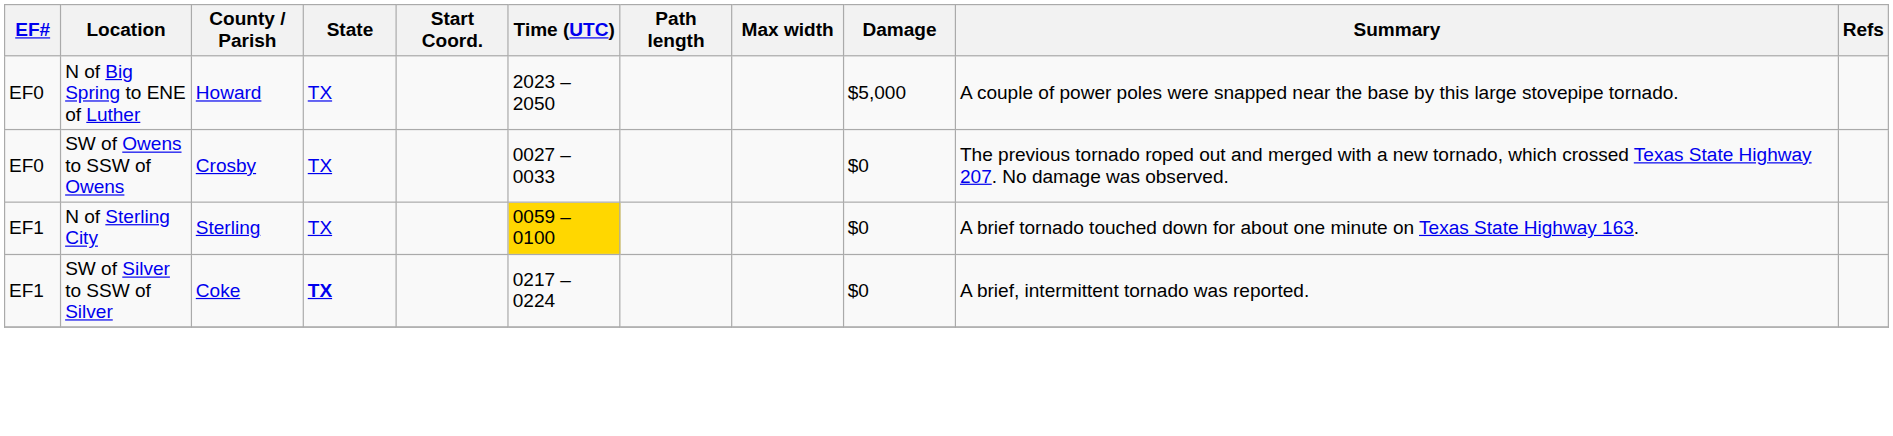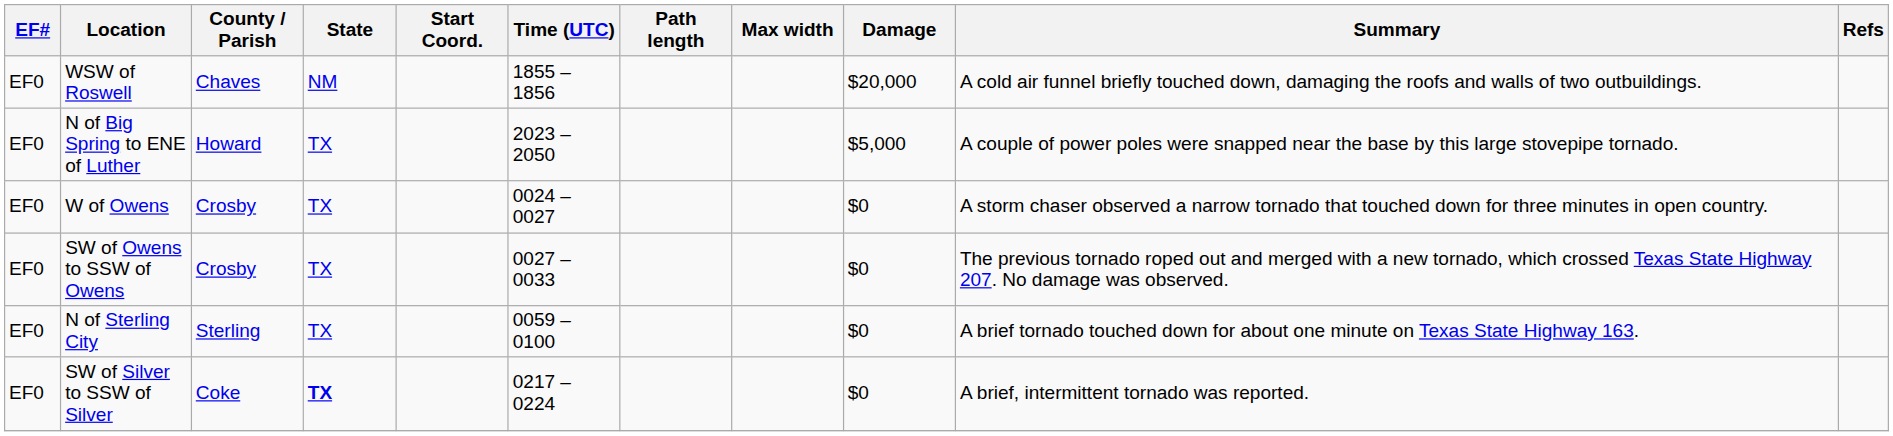 <table class="wikitable sortable" style="width:100%;">
 <tr>
 <th scope="col" width="3%" align="center"><a href='#'>EF#</a></th>
 <th scope="col" width="7%" align="center" class="unsortable">Location</th>
 <th scope="col" width="6%" align="center" class="unsortable">County / Parish</th>
 <th scope="col" width="5%" align="center">State</th>
 <th scope="col" width="6%" align="center">Start Coord.</th>
 <th scope="col" width="6%" align="center">Time (<a href='#'>UTC</a>)</th>
 <th scope="col" width="6%" align="center">Path length</th>
 <th scope="col" width="6%" align="center">Max width</th>
 <th scope="col" width="6%" align="center">Damage</th>
 <th scope="col" width="48%" class="unsortable" align="center">Summary</th>
 <th scope="col" width="48%" class="unsortable" align="center">Refs</th>
 </tr>
 <tr>
 <td>EF0</td>
+<td>WSW of <a href='#'>Roswell</a></td>
+<td><a href='#'>Chaves</a></td>
+<td><a href='#'>NM</a></td>
+<td></td>
+<td>1855 – 1856</td>
+<td></td>
+<td></td>
+<td>$20,000</td>
+<td>A cold air funnel briefly touched down, damaging the roofs and walls of two outbuildings.</td>
+<td></td>
+</tr>
+<tr>
+<td>EF0</td>
 <td>N of <a href='#'>Big Spring</a> to ENE of <a href='#'>Luther</a></td>
 <td><a href='#'>Howard</a></td>
 <td><a href='#'>TX</a></td>
 <td></td>
 <td>2023 – 2050</td>
 <td></td>
 <td></td>
 <td>$5,000</td>
 <td>A couple of power poles were snapped near the base by this large stovepipe tornado.</td>
+<td></td>
+</tr>
+<tr>
+<td>EF0</td>
+<td>W of <a href='#'>Owens</a></td>
+<td><a href='#'>Crosby</a></td>
+<td><a href='#'>TX</a></td>
+<td></td>
+<td>0024 – 0027</td>
+<td></td>
+<td></td>
+<td>$0</td>
+<td>A storm chaser observed a narrow tornado that touched down for three minutes in open country.</td>
 <td></td>
 </tr>
 <tr>
 <td>EF0</td>
 <td>SW of <a href='#'>Owens</a> to SSW of <a href='#'>Owens</a></td>
 <td><a href='#'>Crosby</a></td>
 <td><a href='#'>TX</a></td>
 <td></td>
 <td>0027 – 0033</td>
 <td></td>
 <td></td>
 <td>$0</td>
 <td>The previous tornado roped out and merged with a new tornado, which crossed <a href='#'>Texas State Highway 207</a>. No damage was observed.</td>
 <td></td>
 </tr>
 <tr>
-<td>EF1</td>
+<td>EF0</td>
 <td>N of <a href='#'>Sterling City</a></td>
 <td><a href='#'>Sterling</a></td>
 <td><a href='#'>TX</a></td>
 <td></td>
-<td style="background: gold;">0059 – 0100</td>
+<td>0059 – 0100</td>
 <td></td>
 <td></td>
 <td>$0</td>
 <td>A brief tornado touched down for about one minute on <a href='#'>Texas State Highway 163</a>.</td>
 <td></td>
 </tr>
 <tr>
-<td>EF1</td>
+<td>EF0</td>
 <td>SW of <a href='#'>Silver</a> to SSW of <a href='#'>Silver</a></td>
 <td><a href='#'>Coke</a></td>
 <td><strong><a href='#'>TX</a></strong></td>
 <td></td>
 <td>0217 – 0224</td>
 <td></td>
 <td></td>
 <td>$0</td>
 <td>A brief, intermittent tornado was reported.</td>
 <td></td>
 </tr>
 <tr>
 </tr>
 </table>
